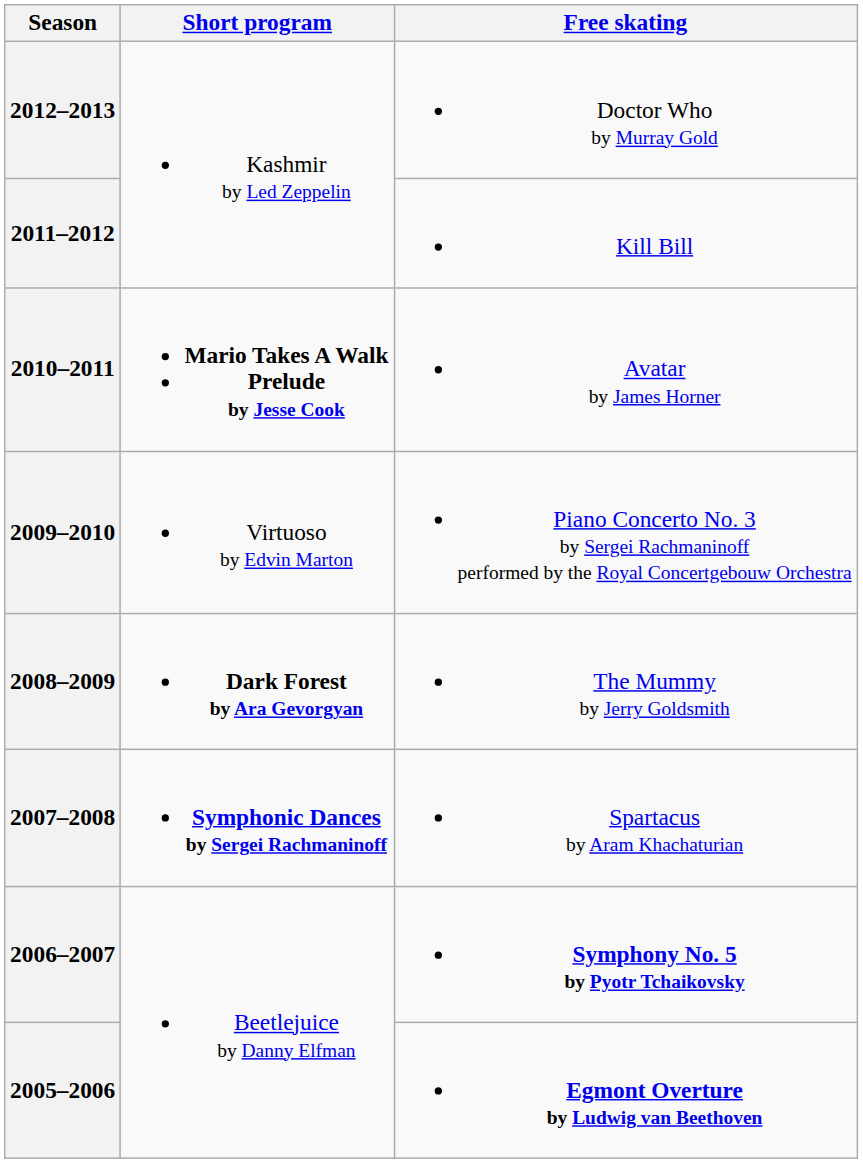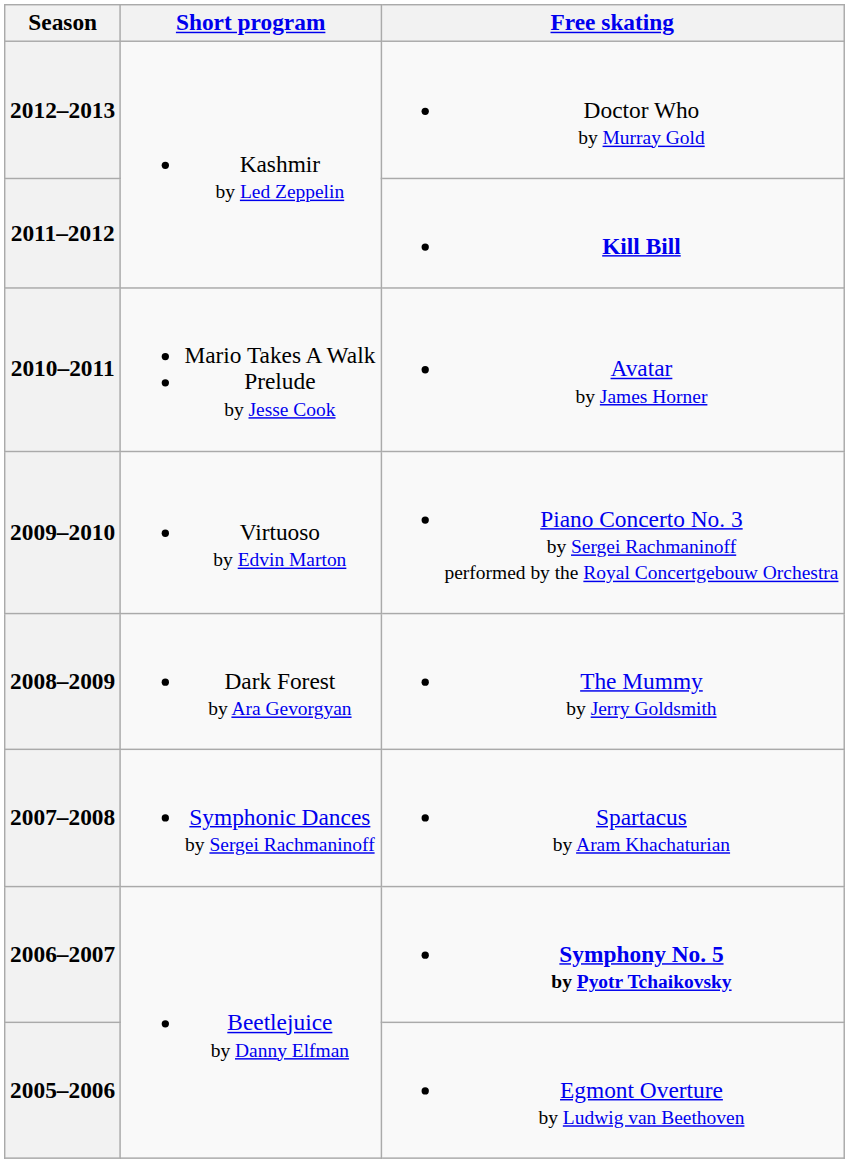 <table class="wikitable" style="text-align:center">
 <tr>
 <th>Season</th>
 <th><a href='#'>Short program</a></th>
 <th><a href='#'>Free skating</a></th>
 </tr>
 <tr>
 <th>2012–2013 <br> </th>
 <td rowspan=2><br><ul><li>Kashmir <br><small> by <a href='#'>Led Zeppelin</a> </small></li></ul></td>
 <td><br><ul><li>Doctor Who <br><small> by <a href='#'>Murray Gold</a> </small></li></ul></td>
 </tr>
 <tr>
 <th>2011–2012 <br> </th>
-<td><br><ul><li><a href='#'>Kill Bill</a></li></ul></td>
+<td><strong><br><ul><li><a href='#'>Kill Bill</a></li></ul></strong></td>
 </tr>
 <tr>
 <th>2010–2011 <br> </th>
-<td><strong><br><ul><li>Mario Takes A Walk</li><li>Prelude <br><small> by <a href='#'>Jesse Cook</a> </small></li></ul></strong></td>
+<td><br><ul><li>Mario Takes A Walk</li><li>Prelude <br><small> by <a href='#'>Jesse Cook</a> </small></li></ul></td>
 <td><br><ul><li><a href='#'>Avatar</a> <br><small> by <a href='#'>James Horner</a> </small></li></ul></td>
 </tr>
 <tr>
 <th>2009–2010 <br> </th>
 <td><br><ul><li>Virtuoso <br><small> by <a href='#'>Edvin Marton</a> </small></li></ul></td>
 <td><br><ul><li><a href='#'>Piano Concerto No. 3</a> <br><small> by <a href='#'>Sergei Rachmaninoff</a> <br> performed by the <a href='#'>Royal Concertgebouw Orchestra</a> </small></li></ul></td>
 </tr>
 <tr>
 <th>2008–2009 <br> </th>
-<td><strong><br><ul><li>Dark Forest <br><small> by <a href='#'>Ara Gevorgyan</a> </small></li></ul></strong></td>
+<td><br><ul><li>Dark Forest <br><small> by <a href='#'>Ara Gevorgyan</a> </small></li></ul></td>
 <td><br><ul><li><a href='#'>The Mummy</a> <br><small> by <a href='#'>Jerry Goldsmith</a> </small></li></ul></td>
 </tr>
 <tr>
 <th>2007–2008 <br> </th>
-<td><strong><br><ul><li><a href='#'>Symphonic Dances</a> <br><small> by <a href='#'>Sergei Rachmaninoff</a> </small></li></ul></strong></td>
+<td><br><ul><li><a href='#'>Symphonic Dances</a> <br><small> by <a href='#'>Sergei Rachmaninoff</a> </small></li></ul></td>
 <td><br><ul><li><a href='#'>Spartacus</a> <br><small> by <a href='#'>Aram Khachaturian</a> </small></li></ul></td>
 </tr>
 <tr>
 <th>2006–2007 <br> </th>
 <td rowspan=2><br><ul><li><a href='#'>Beetlejuice</a> <br><small> by <a href='#'>Danny Elfman</a> </small></li></ul></td>
 <td><strong><br><ul><li><a href='#'>Symphony No. 5</a> <br><small> by <a href='#'>Pyotr Tchaikovsky</a> </small></li></ul></strong></td>
 </tr>
 <tr>
 <th>2005–2006 <br> </th>
-<td><strong><br><ul><li><a href='#'>Egmont Overture</a> <br><small> by <a href='#'>Ludwig van Beethoven</a> </small></li></ul></strong></td>
+<td><br><ul><li><a href='#'>Egmont Overture</a> <br><small> by <a href='#'>Ludwig van Beethoven</a> </small></li></ul></td>
 </tr>
 </table>
